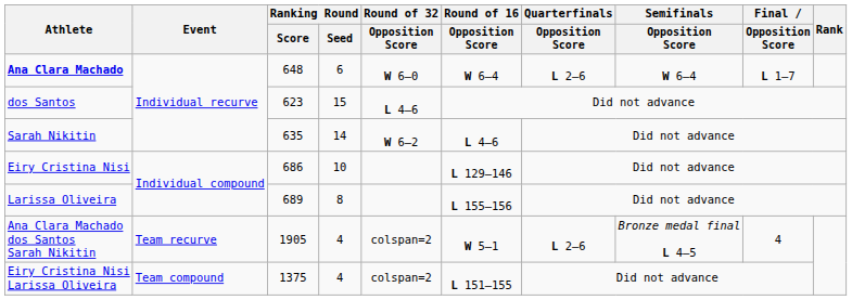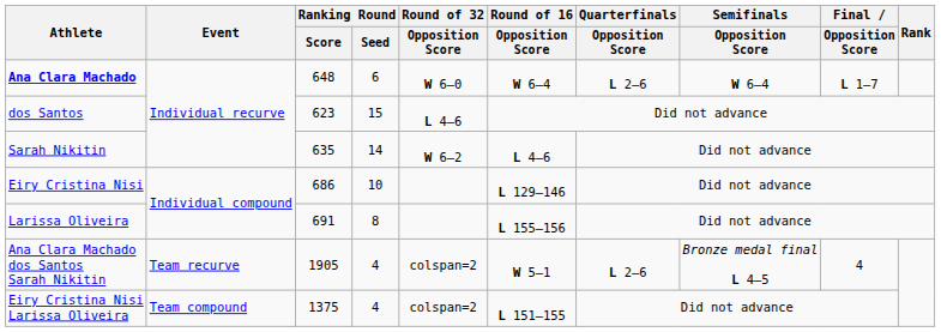 <table class="wikitable" style="font-size:90%">
 <tr>
 <th rowspan="2">Athlete</th>
 <th rowspan="2">Event</th>
 <th colspan="2">Ranking Round</th>
 <th>Round of 32</th>
 <th>Round of 16</th>
 <th>Quarterfinals</th>
 <th>Semifinals</th>
 <th>Final / </th>
 <th rowspan="2">Rank</th>
 </tr>
 <tr style="font-size:95%">
 <th>Score</th>
 <th>Seed</th>
 <th>Opposition<br>Score</th>
 <th>Opposition<br>Score</th>
 <th>Opposition<br>Score</th>
 <th>Opposition<br>Score</th>
 <th>Opposition<br>Score</th>
 </tr>
 <tr align=center>
 <td align=left><strong><a href='#'>Ana Clara Machado</a></strong></td>
 <td align=left rowspan=3><a href='#'>Individual recurve</a></td>
 <td>648</td>
 <td>6</td>
 <td><br><strong>W</strong> 6–0</td>
 <td><br><strong>W</strong> 6–4</td>
 <td><br><strong>L</strong> 2–6</td>
 <td><br><strong>W</strong> 6–4</td>
 <td><br><strong>L</strong> 1–7</td>
 <td></td>
 </tr>
 <tr align=center>
 <td align=left><a href='#'> dos Santos</a></td>
 <td>623</td>
 <td>15</td>
 <td><br><strong>L</strong> 4–6</td>
 <td colspan=5>Did not advance</td>
 </tr>
 <tr align=center>
 <td align=left><a href='#'>Sarah Nikitin</a></td>
 <td>635</td>
 <td>14</td>
 <td><br><strong>W</strong> 6–2</td>
 <td><br><strong>L</strong> 4–6</td>
 <td colspan=4>Did not advance</td>
 </tr>
 <tr align=center>
 <td align=left><a href='#'>Eiry Cristina Nisi</a></td>
 <td align=left rowspan=2><a href='#'>Individual compound</a></td>
 <td>686</td>
 <td>10</td>
 <td></td>
 <td><br><strong>L</strong> 129–146</td>
 <td colspan=4>Did not advance</td>
 </tr>
 <tr align=center>
 <td align=left><a href='#'>Larissa Oliveira</a></td>
-<td>689</td>
+<td>691</td>
 <td>8</td>
 <td></td>
 <td><br><strong>L</strong> 155–156</td>
 <td colspan=4>Did not advance</td>
 </tr>
 <tr align=center>
 <td align=left><a href='#'>Ana Clara Machado</a><br><a href='#'> dos Santos</a><br><a href='#'>Sarah Nikitin</a></td>
 <td align=left><a href='#'>Team recurve</a></td>
 <td>1905</td>
 <td>4</td>
 <td>colspan=2 </td>
 <td><br><strong>W</strong> 5–1</td>
 <td><br><strong>L</strong> 2–6</td>
 <td><em>Bronze medal final</em><br><br><strong>L</strong> 4–5</td>
 <td>4</td>
 </tr>
 <tr align=center>
 <td align=left><a href='#'>Eiry Cristina Nisi</a><br><a href='#'>Larissa Oliveira</a></td>
 <td align=left><a href='#'>Team compound</a></td>
 <td>1375</td>
 <td>4</td>
 <td>colspan=2 </td>
 <td><br><strong>L</strong> 151–155</td>
 <td colspan=3>Did not advance</td>
 </tr>
 </table>
